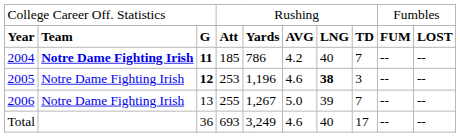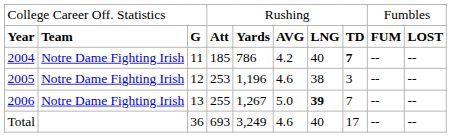 <table class="wikitable" border=0 style="background: #FFFFFF;">
 <tr>
 <td colspan=3>College Career Off. Statistics</td>
 <td colspan=5 align="center">Rushing</td>
 <td colspan=2 align="center">Fumbles</td>
 </tr>
 <tr>
 <td><strong>Year</strong></td>
 <td><strong>Team</strong></td>
 <td><strong>G</strong></td>
 <td><strong>Att</strong></td>
 <td><strong>Yards</strong></td>
 <td><strong>AVG</strong></td>
 <td><strong>LNG</strong></td>
 <td><strong>TD</strong></td>
 <td><strong>FUM</strong></td>
 <td><strong>LOST</strong></td>
 </tr>
 <tr>
 <td><a href='#'>2004</a></td>
-<td><strong><a href='#'>Notre Dame Fighting Irish</a></strong></td>
-<td><strong>11</strong></td>
+<td><a href='#'>Notre Dame Fighting Irish</a></td>
+<td>11</td>
 <td>185</td>
 <td>786</td>
 <td>4.2</td>
 <td>40</td>
-<td>7</td>
+<td><strong>7</strong></td>
 <td>--</td>
 <td>--</td>
 </tr>
 <tr>
 <td><a href='#'>2005</a></td>
 <td><a href='#'>Notre Dame Fighting Irish</a></td>
-<td><strong>12</strong></td>
+<td>12</td>
 <td>253</td>
 <td>1,196</td>
 <td>4.6</td>
-<td><strong>38</strong></td>
+<td>38</td>
 <td>3</td>
 <td>--</td>
 <td>--</td>
 </tr>
 <tr>
 <td><a href='#'>2006</a></td>
 <td><a href='#'>Notre Dame Fighting Irish</a></td>
 <td>13</td>
 <td>255</td>
 <td>1,267</td>
 <td>5.0</td>
-<td>39</td>
+<td><strong>39</strong></td>
 <td>7</td>
 <td>--</td>
 <td>--</td>
 </tr>
 <tr>
 <td>Total</td>
 <td></td>
 <td>36</td>
 <td>693</td>
 <td>3,249</td>
 <td>4.6</td>
 <td>40</td>
 <td>17</td>
 <td>--</td>
 <td>--</td>
 </tr>
 </table>
